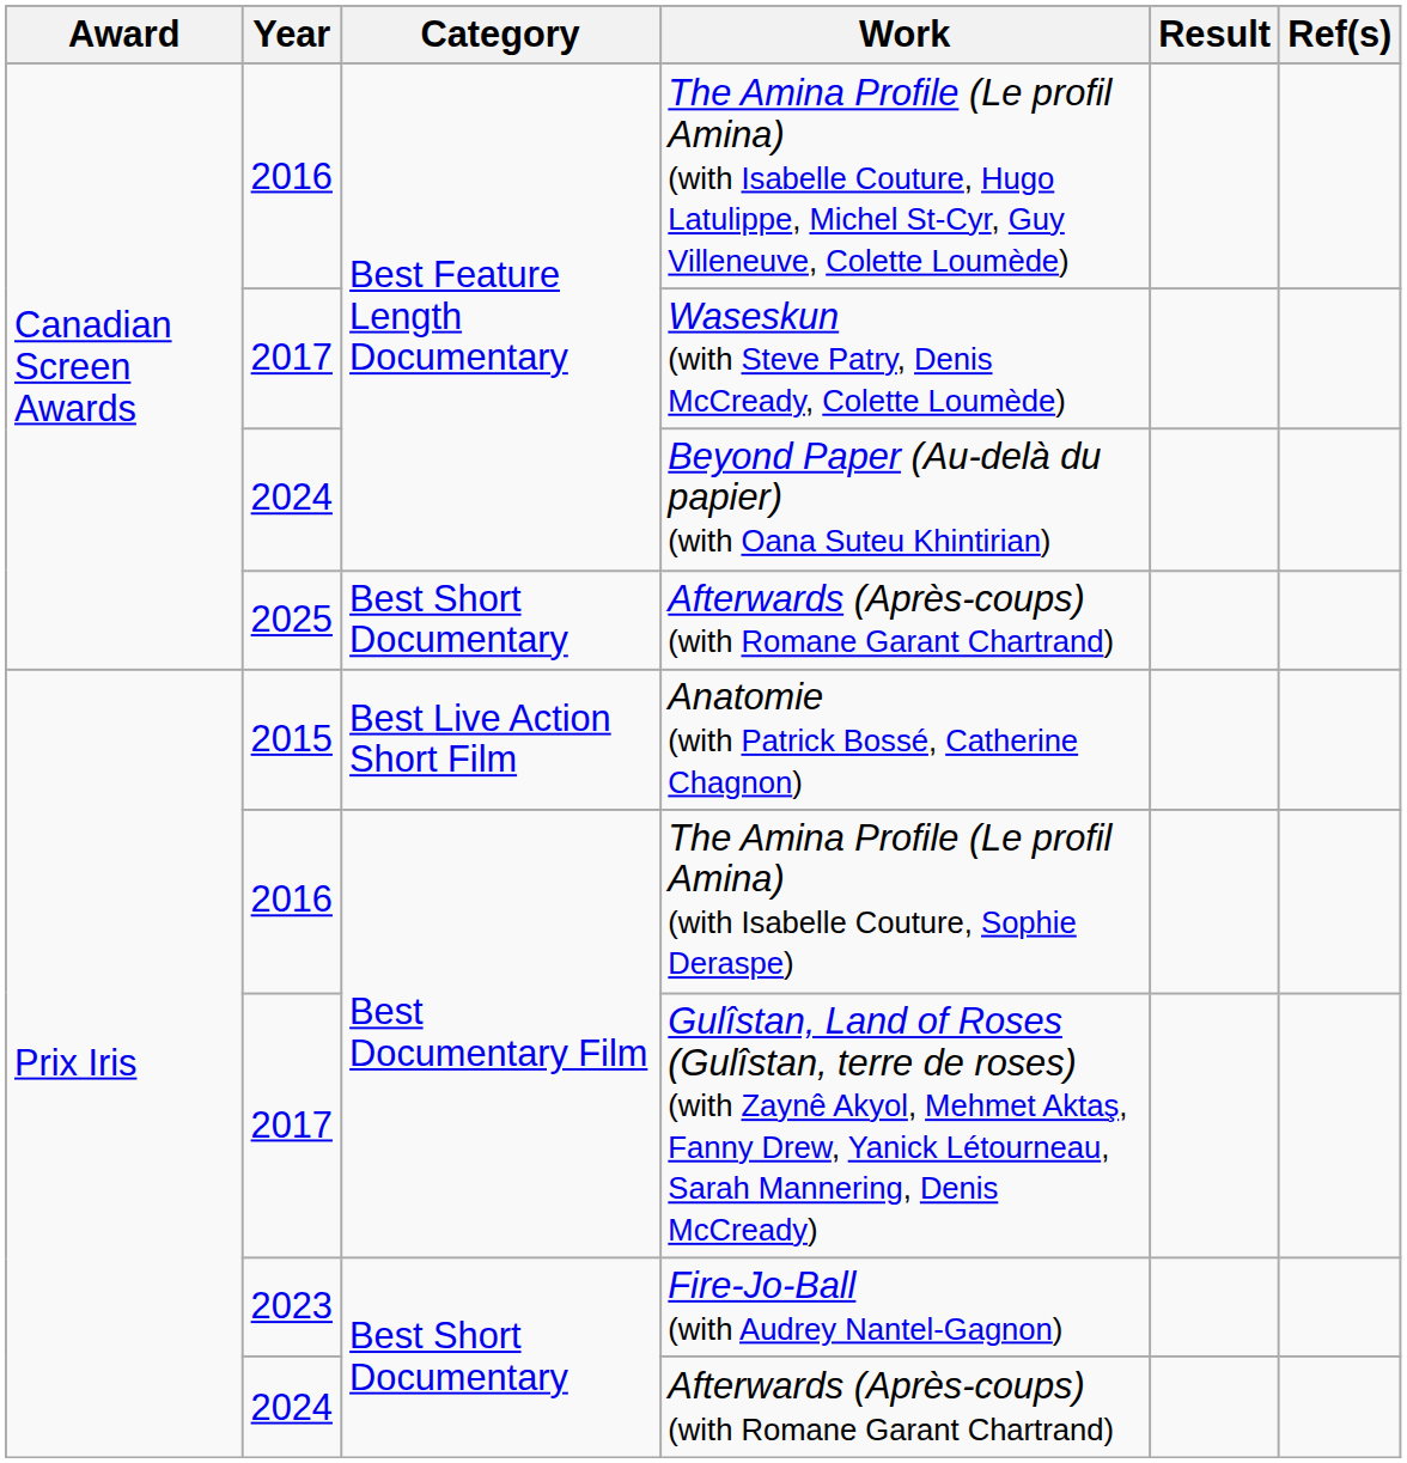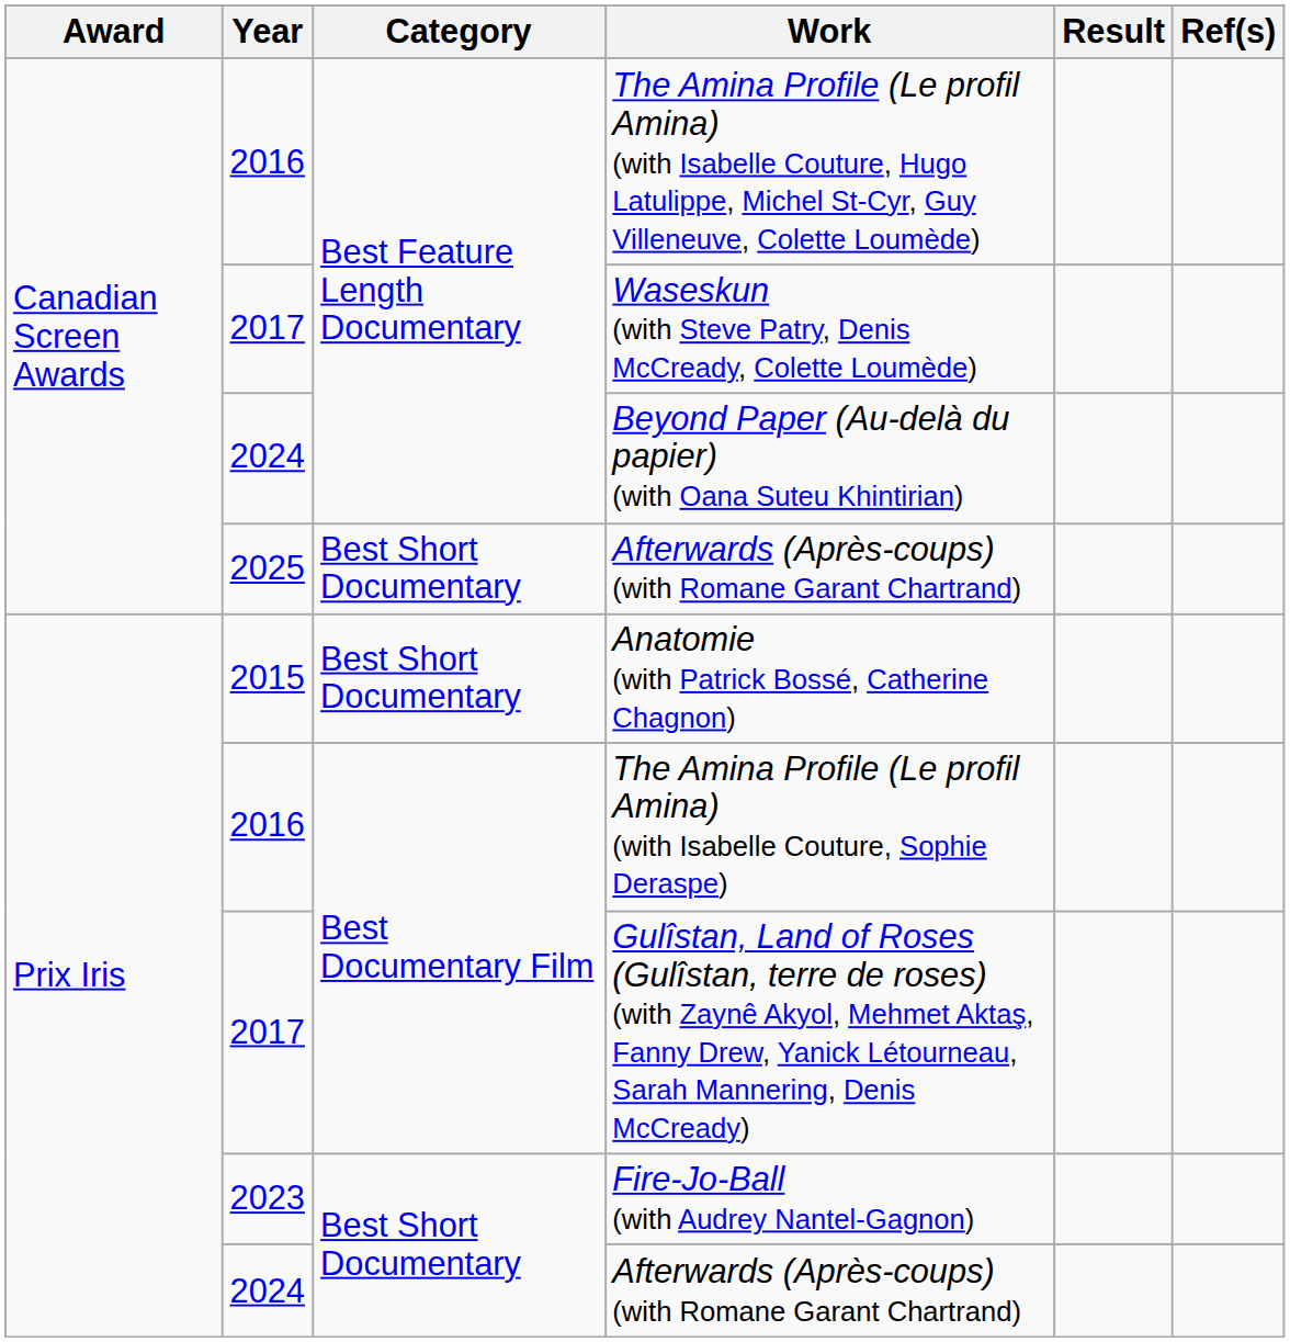 <table class="wikitable plainrowheaders sortable">
 <tr>
 <th>Award</th>
 <th>Year</th>
 <th>Category</th>
 <th>Work</th>
 <th>Result</th>
 <th>Ref(s)</th>
 </tr>
 <tr>
 <td rowspan=4><a href='#'>Canadian Screen Awards</a></td>
 <td><a href='#'>2016</a></td>
 <td rowspan=3><a href='#'>Best Feature Length Documentary</a></td>
 <td><em><a href='#'>The Amina Profile</a> (Le profil Amina)</em><br><small>(with <a href='#'>Isabelle Couture</a>, <a href='#'>Hugo Latulippe</a>, <a href='#'>Michel St-Cyr</a>, <a href='#'>Guy Villeneuve</a>, <a href='#'>Colette Loumède</a>)</small></td>
 <td></td>
 <td></td>
 </tr>
 <tr>
 <td><a href='#'>2017</a></td>
 <td><em><a href='#'>Waseskun</a></em><br><small>(with <a href='#'>Steve Patry</a>, <a href='#'>Denis McCready</a>, <a href='#'>Colette Loumède</a>)</small></td>
 <td></td>
 <td></td>
 </tr>
 <tr>
 <td><a href='#'>2024</a></td>
 <td><em><a href='#'>Beyond Paper</a> (Au-delà du papier)</em><br><small>(with <a href='#'>Oana Suteu Khintirian</a>)</small></td>
 <td></td>
 <td></td>
 </tr>
 <tr>
 <td><a href='#'>2025</a></td>
 <td><a href='#'>Best Short Documentary</a></td>
 <td><em><a href='#'>Afterwards</a> (Après-coups)</em><br><small>(with <a href='#'>Romane Garant Chartrand</a>)</small></td>
 <td></td>
 <td></td>
 </tr>
 <tr>
 <td rowspan=5><a href='#'>Prix Iris</a></td>
 <td><a href='#'>2015</a></td>
-<td><a href='#'>Best Live Action Short Film</a></td>
+<td><a href='#'>Best Short Documentary</a></td>
 <td><em>Anatomie</em><br><small>(with <a href='#'>Patrick Bossé</a>, <a href='#'>Catherine Chagnon</a>)</small></td>
 <td></td>
 <td></td>
 </tr>
 <tr>
 <td><a href='#'>2016</a></td>
 <td rowspan=2><a href='#'>Best Documentary Film</a></td>
 <td><em>The Amina Profile (Le profil Amina)</em><br><small>(with Isabelle Couture, <a href='#'>Sophie Deraspe</a>)</small></td>
 <td></td>
 <td></td>
 </tr>
 <tr>
 <td><a href='#'>2017</a></td>
 <td><em><a href='#'>Gulîstan, Land of Roses</a> (Gulîstan, terre de roses)</em><br><small>(with <a href='#'>Zaynê Akyol</a>, <a href='#'>Mehmet Aktaş</a>, <a href='#'>Fanny Drew</a>, <a href='#'>Yanick Létourneau</a>, <a href='#'>Sarah Mannering</a>, <a href='#'>Denis McCready</a>)</small></td>
 <td></td>
 <td></td>
 </tr>
 <tr>
 <td><a href='#'>2023</a></td>
 <td rowspan=2><a href='#'>Best Short Documentary</a></td>
 <td><em><a href='#'>Fire-Jo-Ball</a></em><br><small>(with <a href='#'>Audrey Nantel-Gagnon</a>)</small></td>
 <td></td>
 <td></td>
 </tr>
 <tr>
 <td><a href='#'>2024</a></td>
 <td><em>Afterwards (Après-coups)</em><br><small>(with Romane Garant Chartrand)</small></td>
 <td></td>
 <td></td>
 </tr>
 </table>
